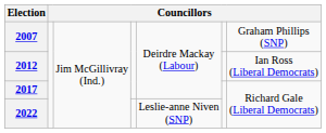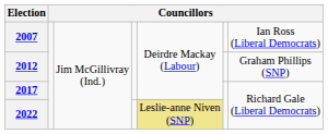 <table class="wikitable" style="text-align:center">
 <tr>
 <th>Election</th>
 <th colspan=8>Councillors</th>
 </tr>
 <tr>
 <th><a href='#'>2007</a></th>
 <td rowspan=4; style="background-color: "></td>
 <td rowspan=4>Jim McGillivray<br>(Ind.)</td>
 <td rowspan=3; style="background-color: "></td>
 <td rowspan=3>Deirdre Mackay<br>(<a href='#'>Labour</a>)</td>
 <td rowspan=1; style="background-color: "></td>
-<td>Graham Phillips<br>(<a href='#'>SNP</a>)</td>
+<td>Ian Ross<br>(<a href='#'>Liberal Democrats</a>)</td>
 </tr>
 <tr>
 <th><a href='#'>2012</a></th>
 <td rowspan=1; style="background-color: "></td>
-<td>Ian Ross<br>(<a href='#'>Liberal Democrats</a>)</td>
+<td>Graham Phillips<br>(<a href='#'>SNP</a>)</td>
 </tr>
 <tr>
 <th><a href='#'>2017</a></th>
 <td rowspan=2; style="background-color: "></td>
 <td rowspan=2>Richard Gale<br>(<a href='#'>Liberal Democrats</a>)</td>
 </tr>
 <tr>
 <th><a href='#'>2022</a></th>
 <td rowspan=1; style="background-color: "></td>
-<td>Leslie-anne Niven<br>(<a href='#'>SNP</a>)</td>
+<td style="background: khaki;">Leslie-anne Niven<br>(<a href='#'>SNP</a>)</td>
 </tr>
 </table>
